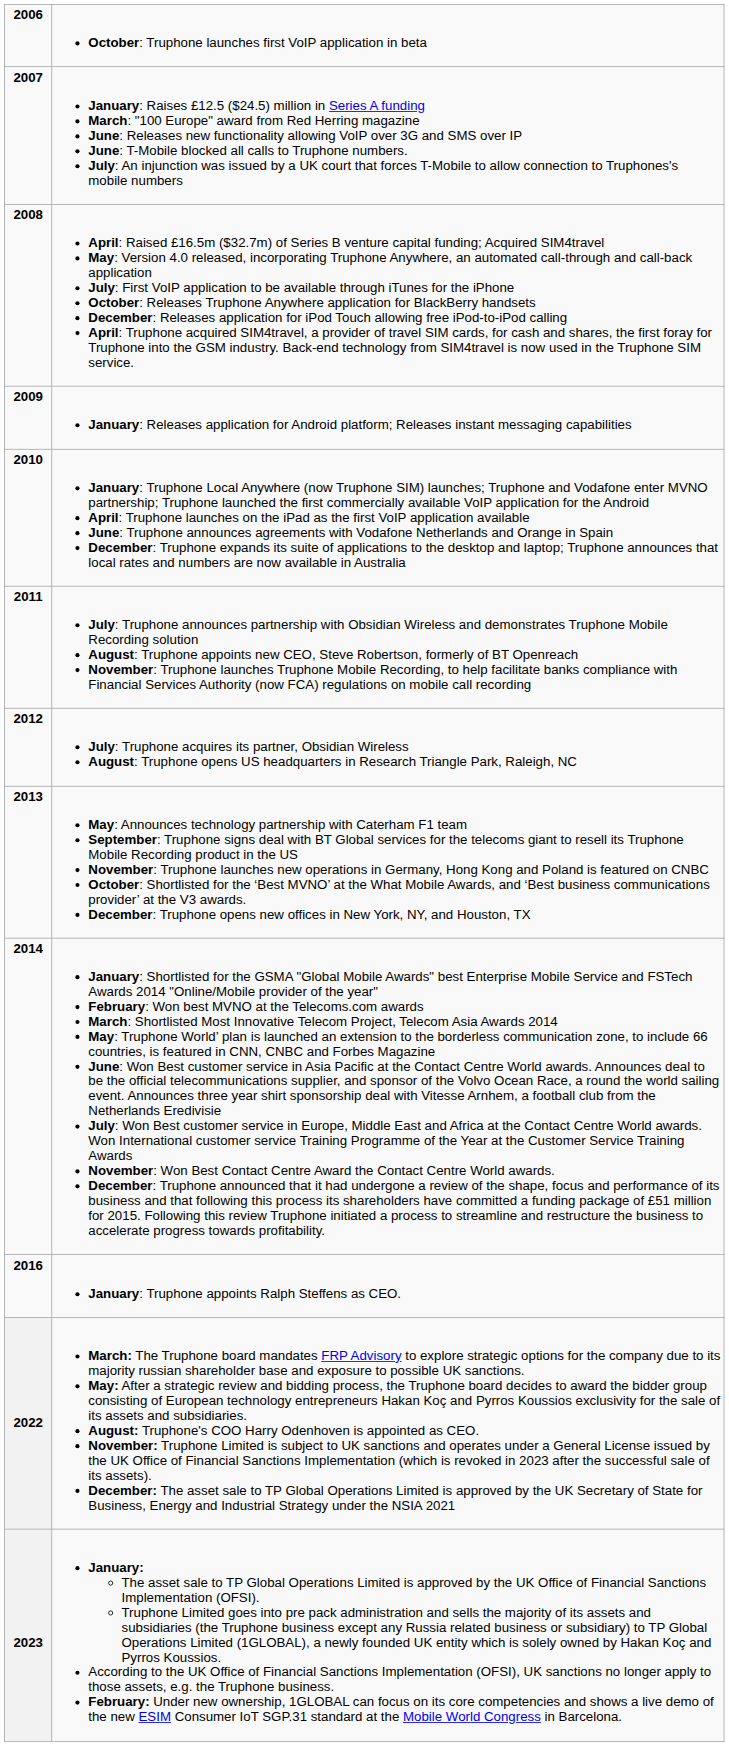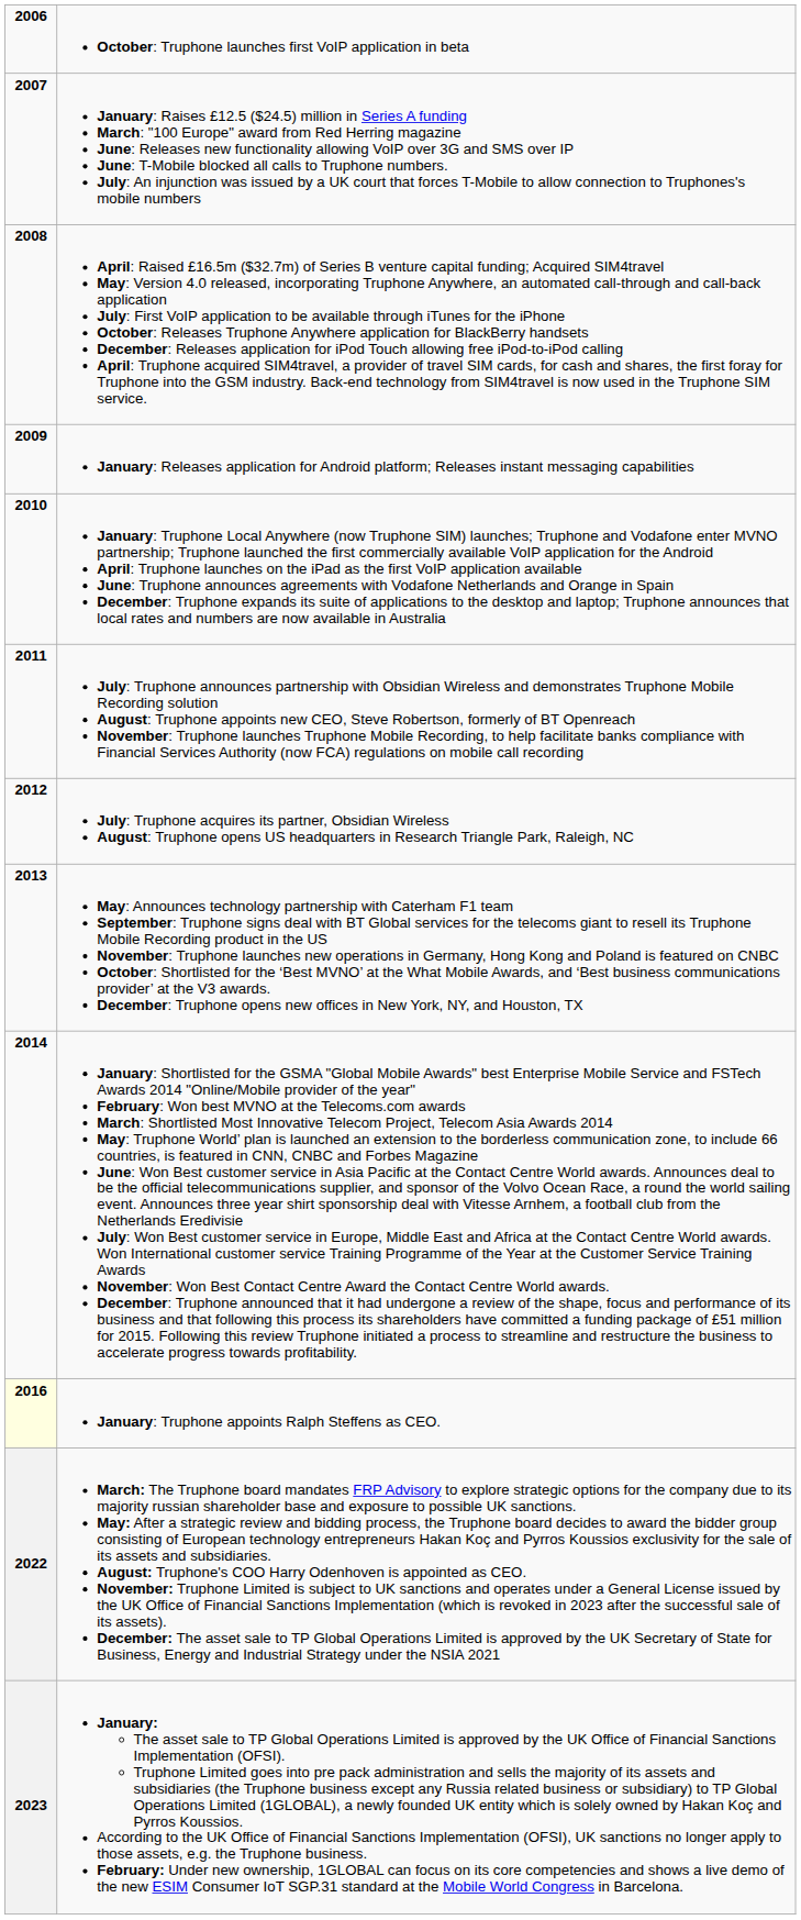 <table class="wikitable">
 <tr valign="top">
 <td scope="col"  style="width:50px; text-align:center;"><strong>2006</strong></td>
 <td><br><ul><li><strong>October</strong>: Truphone launches first VoIP application in beta</li></ul></td>
 </tr>
 <tr valign="top">
 <td style="text-align:center;"><strong>2007</strong></td>
 <td><br><ul><li><strong>January</strong>: Raises £12.5 ($24.5) million in <a href='#'>Series A funding</a></li><li><strong>March</strong>: "100 Europe" award from Red Herring magazine</li><li><strong>June</strong>: Releases new functionality allowing VoIP over 3G and SMS over IP</li><li><strong>June</strong>: T-Mobile blocked all calls to Truphone numbers.</li><li><strong>July</strong>: An injunction was issued by a UK court that forces T-Mobile to allow connection to Truphones's mobile numbers</li></ul></td>
 </tr>
 <tr valign="top">
 <td style="text-align:center;"><strong>2008</strong></td>
 <td><br><ul><li><strong>April</strong>: Raised £16.5m ($32.7m) of Series B venture capital funding; Acquired SIM4travel</li><li><strong>May</strong>: Version 4.0 released, incorporating Truphone Anywhere, an automated call-through and call-back application</li><li><strong>July</strong>: First VoIP application to be available through iTunes for the iPhone</li><li><strong>October</strong>: Releases Truphone Anywhere application for BlackBerry handsets</li><li><strong>December</strong>: Releases application for iPod Touch allowing free iPod-to-iPod calling</li><li><strong>April</strong>: Truphone acquired SIM4travel, a provider of travel SIM cards, for cash and shares, the first foray for Truphone into the GSM industry. Back-end technology from SIM4travel is now used in the Truphone SIM service.</li></ul></td>
 </tr>
 <tr valign="top">
 <td style="text-align:center;"><strong>2009</strong></td>
 <td><br><ul><li><strong>January</strong>: Releases application for Android platform; Releases instant messaging capabilities</li></ul></td>
 </tr>
 <tr valign="top">
 <td style="text-align:center;"><strong>2010</strong></td>
 <td><br><ul><li><strong>January</strong>: Truphone Local Anywhere (now Truphone SIM) launches; Truphone and Vodafone enter MVNO partnership; Truphone launched the first commercially available VoIP application for the Android</li><li><strong>April</strong>: Truphone launches on the iPad as the first VoIP application available</li><li><strong>June</strong>: Truphone announces agreements with Vodafone Netherlands and Orange in Spain</li><li><strong>December</strong>: Truphone expands its suite of applications to the desktop and laptop; Truphone announces that local rates and numbers are now available in Australia</li></ul></td>
 </tr>
 <tr valign="top">
 <td style="text-align:center;"><strong>2011</strong></td>
 <td><br><ul><li><strong>July</strong>: Truphone announces partnership with Obsidian Wireless and demonstrates Truphone Mobile Recording solution</li><li><strong>August</strong>: Truphone appoints new CEO, Steve Robertson, formerly of BT Openreach</li><li><strong>November</strong>: Truphone launches Truphone Mobile Recording, to help facilitate banks compliance with Financial Services Authority (now FCA) regulations on mobile call recording</li></ul></td>
 </tr>
 <tr valign="top">
 <td style="text-align:center;"><strong>2012</strong></td>
 <td><br><ul><li><strong>July</strong>: Truphone acquires its partner, Obsidian Wireless</li><li><strong>August</strong>: Truphone opens US headquarters in Research Triangle Park, Raleigh, NC</li></ul></td>
 </tr>
 <tr valign="top">
 <td style="text-align:center;"><strong>2013</strong></td>
 <td><br><ul><li><strong>May</strong>: Announces technology partnership with Caterham F1 team</li><li><strong>September</strong>: Truphone signs deal with BT Global services for the telecoms giant to resell its Truphone Mobile Recording product in the US</li><li><strong>November</strong>: Truphone  launches new operations in Germany, Hong Kong and Poland  is featured on CNBC</li><li><strong>October</strong>: Shortlisted for the ‘Best MVNO’ at the What Mobile Awards, and ‘Best business communications provider’ at the V3 awards.</li><li><strong>December</strong>: Truphone opens new offices in New York, NY, and Houston, TX</li></ul></td>
 </tr>
 <tr valign="top">
 <td style="text-align:center;"><strong>2014</strong></td>
 <td><br><ul><li><strong>January</strong>: Shortlisted for the GSMA "Global Mobile Awards" best Enterprise Mobile Service and FSTech Awards 2014 "Online/Mobile provider of the year"</li><li><strong>February</strong>: Won best MVNO at the Telecoms.com awards</li><li><strong>March</strong>: Shortlisted Most Innovative Telecom Project, Telecom Asia Awards 2014</li><li><strong>May</strong>: Truphone World’ plan is launched  an extension to the borderless communication zone, to include 66 countries, is featured in CNN, CNBC and Forbes Magazine</li><li><strong>June</strong>: Won Best customer service in Asia Pacific at the Contact Centre World awards. Announces deal to be the official telecommunications supplier, and sponsor of the Volvo Ocean Race, a round the world sailing event. Announces three year shirt sponsorship deal with Vitesse Arnhem, a football club from the Netherlands Eredivisie</li><li><strong>July</strong>: Won Best customer service in Europe, Middle East and Africa at the Contact Centre World awards. Won International customer service Training Programme of the Year at the Customer Service Training Awards</li><li><strong>November</strong>: Won Best Contact Centre Award the Contact Centre World awards.</li><li><strong>December</strong>: Truphone announced that it had undergone a review of the shape, focus and performance of its business and that following this process its shareholders have committed a funding package of £51 million for 2015. Following this review Truphone initiated a process to streamline and restructure the business to accelerate progress towards profitability.</li></ul></td>
 </tr>
 <tr valign="top">
-<td style="text-align:center;"><strong>2016</strong></td>
+<td style="background: lightyellow; text-align:center;"><strong>2016</strong></td>
 <td><br><ul><li><strong>January</strong>: Truphone appoints Ralph Steffens as CEO.</li></ul></td>
 </tr>
 <tr>
 <th>2022</th>
 <td><br><ul><li><strong>March:</strong> The Truphone board mandates <a href='#'>FRP Advisory</a> to explore strategic options for the company due to its majority russian shareholder base and exposure to possible UK sanctions.</li><li><strong>May:</strong> After a strategic review and bidding process, the Truphone board decides to award the bidder group consisting of European technology entrepreneurs Hakan Koç and Pyrros Koussios exclusivity for the sale of its assets and subsidiaries.</li><li><strong>August:</strong> Truphone's COO Harry Odenhoven is appointed as CEO.</li><li><strong>November:</strong> Truphone Limited is subject to UK sanctions and operates under a General License issued by the UK Office of Financial Sanctions Implementation (which is revoked in 2023 after the successful sale of its assets).</li><li><strong>December:</strong> The asset sale to TP Global Operations Limited is approved by the UK Secretary of State for Business, Energy and Industrial Strategy under the NSIA 2021<strong></strong></li></ul></td>
 </tr>
 <tr>
 <th><br><h4>2023</h4></th>
 <td><br><ul><li><strong>January:</strong><ul><li>The asset sale to TP Global Operations Limited is approved by the UK Office of Financial Sanctions Implementation (OFSI).</li><li>Truphone Limited goes into pre pack administration and sells the majority of its assets and subsidiaries (the Truphone business except any Russia related business or subsidiary) to TP Global Operations Limited (1GLOBAL), a newly founded UK entity which is solely owned by Hakan Koç and Pyrros Koussios.</li></ul></li><li>According to the UK Office of Financial Sanctions Implementation (OFSI), UK sanctions no longer apply to those assets, e.g. the Truphone business.</li><li><strong>February:</strong> Under new ownership, 1GLOBAL can focus on its core competencies and shows a live demo of the new <a href='#'>ESIM</a> Consumer IoT SGP.31 standard at the <a href='#'>Mobile World Congress</a> in Barcelona.</li></ul></td>
 </tr>
 </table>
